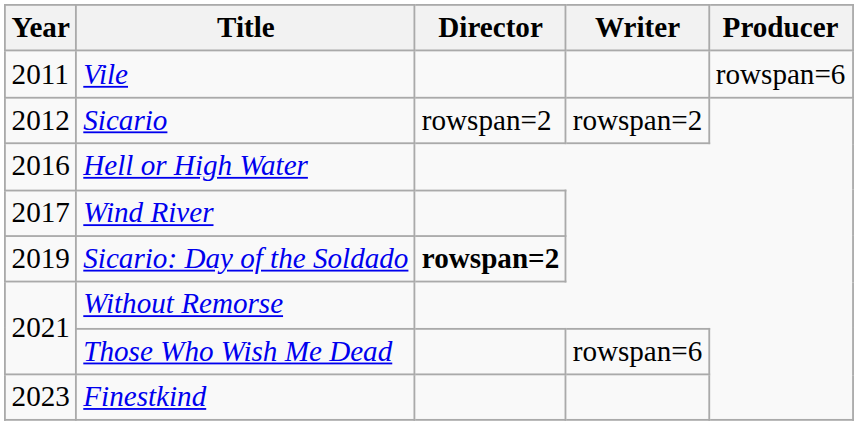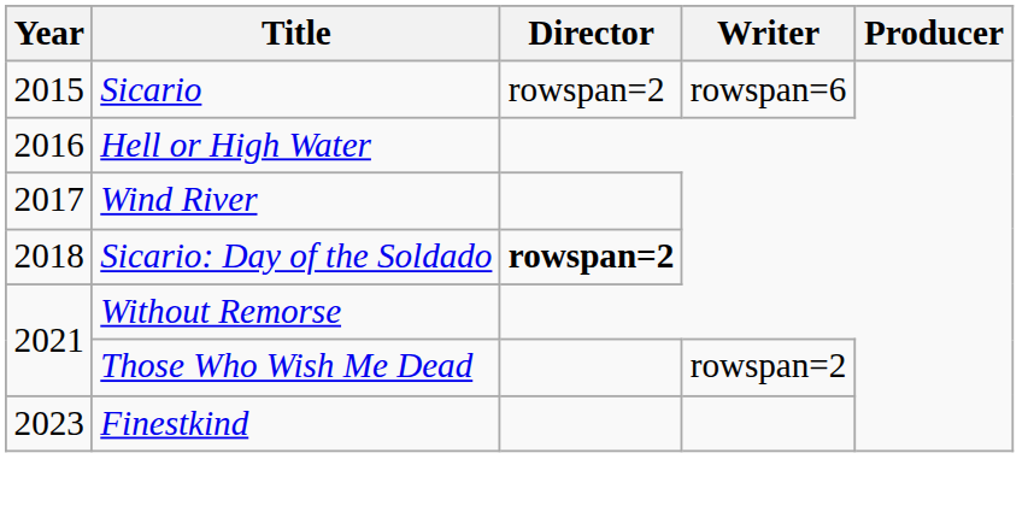 <table class="wikitable sortable">
 <tr>
 <th>Year</th>
 <th>Title</th>
 <th width=65>Director</th>
 <th width=65>Writer</th>
 <th width=65>Producer</th>
 </tr>
 <tr>
-<td>2011</td>
-<td><em><a href='#'>Vile</a></em></td>
-<td></td>
-<td></td>
-<td>rowspan=6 </td>
-</tr>
-<tr>
-<td>2012</td>
+<td>2015</td>
 <td><em><a href='#'>Sicario</a></em></td>
 <td>rowspan=2 </td>
-<td>rowspan=2 </td>
+<td>rowspan=6 </td>
 </tr>
 <tr>
 <td>2016</td>
 <td><em><a href='#'>Hell or High Water</a></em></td>
 </tr>
 <tr>
 <td>2017</td>
 <td><em><a href='#'>Wind River</a></em></td>
 <td></td>
 </tr>
 <tr>
-<td>2019</td>
+<td>2018</td>
 <td><em><a href='#'>Sicario: Day of the Soldado</a></em></td>
 <td><strong>rowspan=2 </strong></td>
 </tr>
 <tr>
 <td rowspan=2>2021</td>
 <td><em><a href='#'>Without Remorse</a></em></td>
 </tr>
 <tr>
 <td><em><a href='#'>Those Who Wish Me Dead</a></em></td>
 <td></td>
-<td>rowspan=6 </td>
+<td>rowspan=2 </td>
 </tr>
 <tr>
 <td>2023</td>
 <td><em><a href='#'>Finestkind</a></em></td>
 <td></td>
 <td></td>
 </tr>
 </table>
